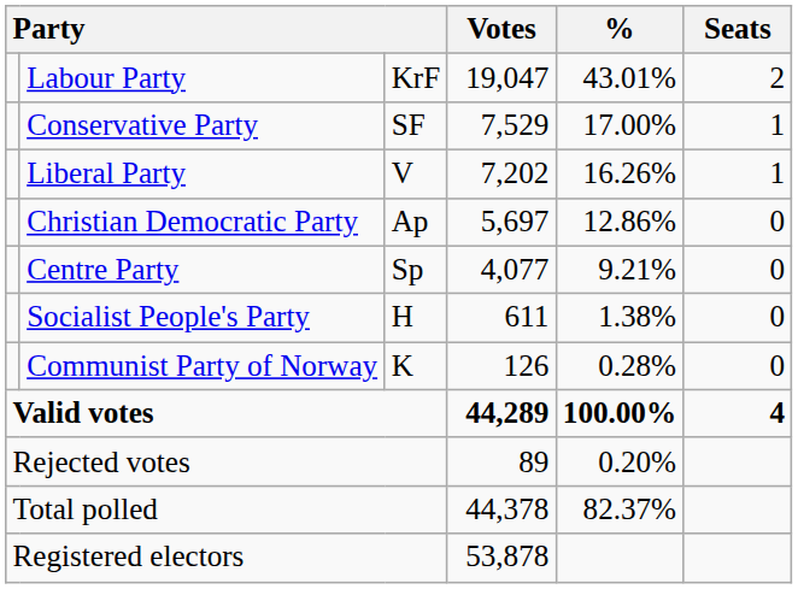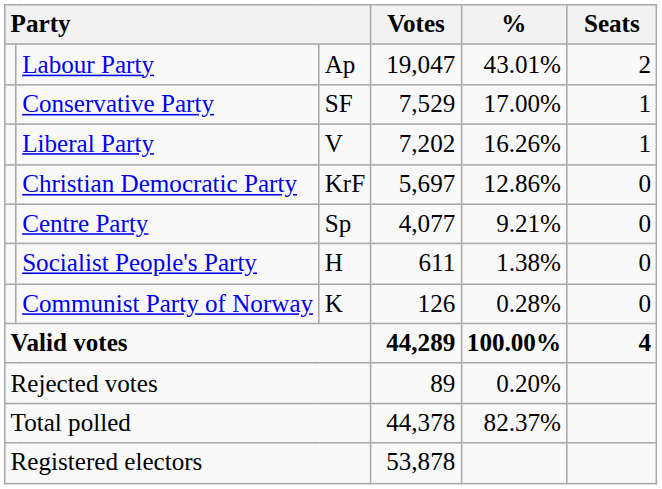 <table class="wikitable" border="1" style="text-align:right;">
 <tr>
 <th style="text-align:left;" colspan=3>Party</th>
 <th align=center width="50">Votes</th>
 <th align=center width="50">%</th>
 <th align=center width="50">Seats</th>
 </tr>
 <tr>
 <td style="color:inherit;background:"></td>
 <td align=left><a href='#'>Labour Party</a></td>
-<td align=left>KrF</td>
+<td align=left>Ap</td>
 <td>19,047</td>
 <td>43.01%</td>
 <td>2</td>
 </tr>
 <tr>
 <td style="color:inherit;background:"></td>
 <td align=left><a href='#'>Conservative Party</a></td>
 <td align=left>SF</td>
 <td>7,529</td>
 <td>17.00%</td>
 <td>1</td>
 </tr>
 <tr>
 <td style="color:inherit;background:"></td>
 <td align=left><a href='#'>Liberal Party</a></td>
 <td align=left>V</td>
 <td>7,202</td>
 <td>16.26%</td>
 <td>1</td>
 </tr>
 <tr>
 <td style="color:inherit;background:"></td>
 <td align=left><a href='#'>Christian Democratic Party</a></td>
-<td align=left>Ap</td>
+<td align=left>KrF</td>
 <td>5,697</td>
 <td>12.86%</td>
 <td>0</td>
 </tr>
 <tr>
 <td style="color:inherit;background:"></td>
 <td align=left><a href='#'>Centre Party</a></td>
 <td align=left>Sp</td>
 <td>4,077</td>
 <td>9.21%</td>
 <td>0</td>
 </tr>
 <tr>
 <td style="color:inherit;background:"></td>
 <td align=left><a href='#'>Socialist People's Party</a></td>
 <td align=left>H</td>
 <td>611</td>
 <td>1.38%</td>
 <td>0</td>
 </tr>
 <tr>
 <td style="color:inherit;background:"></td>
 <td align=left><a href='#'>Communist Party of Norway</a></td>
 <td align=left>K</td>
 <td>126</td>
 <td>0.28%</td>
 <td>0</td>
 </tr>
 <tr style="font-weight:bold">
 <td align=left colspan=3>Valid votes</td>
 <td>44,289</td>
 <td>100.00%</td>
 <td>4</td>
 </tr>
 <tr>
 <td align=left colspan=3>Rejected votes</td>
 <td>89</td>
 <td>0.20%</td>
 <td></td>
 </tr>
 <tr>
 <td align=left colspan=3>Total polled</td>
 <td>44,378</td>
 <td>82.37%</td>
 <td></td>
 </tr>
 <tr>
 <td align=left colspan=3>Registered electors</td>
 <td>53,878</td>
 <td></td>
 <td></td>
 </tr>
 </table>
